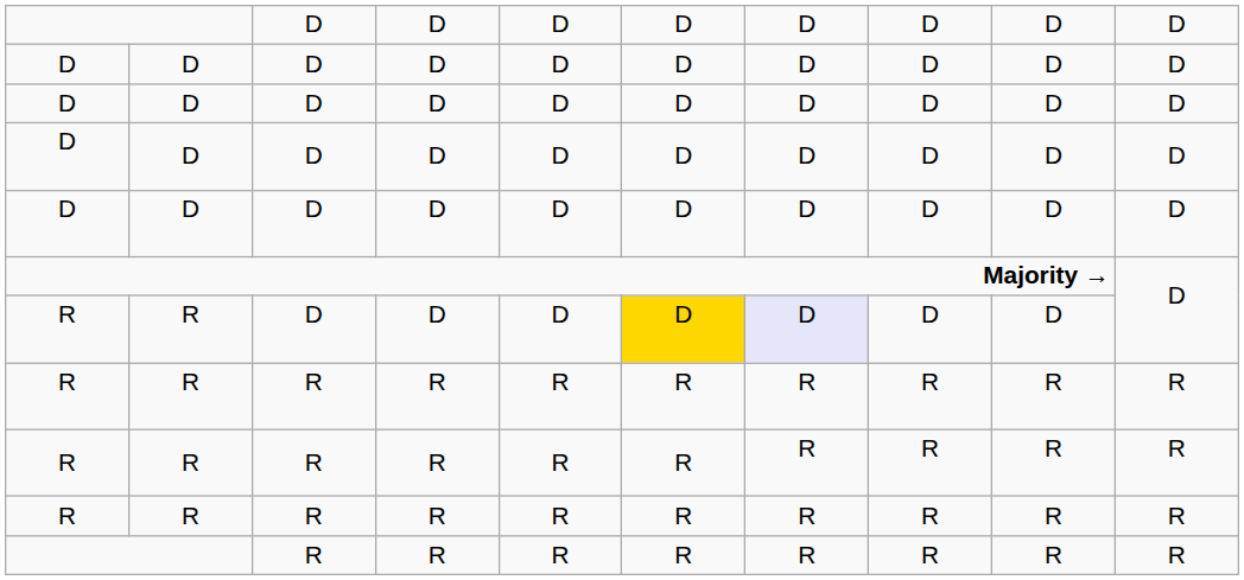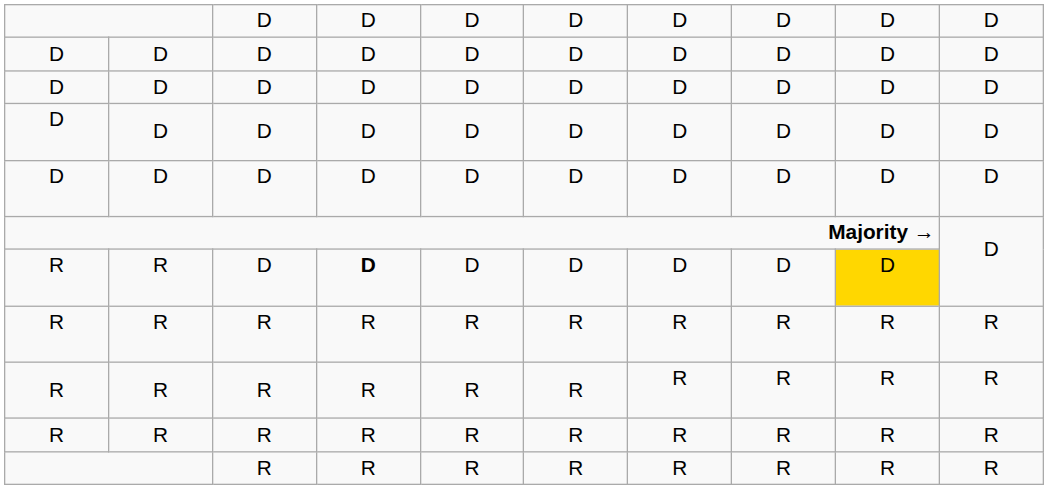 <table class="wikitable"  style="text-align:center; width:800px">
 <tr>
 <td colspan=2> </td>
 <td>D</td>
 <td>D</td>
 <td>D</td>
 <td>D</td>
 <td>D</td>
 <td>D</td>
 <td>D</td>
 <td>D</td>
 </tr>
 <tr>
 <td width=50px >D</td>
 <td width=50px >D</td>
 <td width=50px >D</td>
 <td width=50px >D</td>
 <td width=50px >D</td>
 <td width=50px >D</td>
 <td width=50px >D</td>
 <td width=50px >D</td>
 <td width=50px >D</td>
 <td width=50px >D</td>
 </tr>
 <tr>
 <td>D</td>
 <td>D</td>
 <td>D</td>
 <td>D</td>
 <td>D</td>
 <td>D</td>
 <td>D</td>
 <td>D</td>
 <td>D</td>
 <td>D</td>
 </tr>
 <tr>
 <td>D<br><br></td>
 <td>D</td>
 <td>D</td>
 <td>D</td>
 <td>D</td>
 <td>D</td>
 <td>D</td>
 <td>D</td>
 <td>D</td>
 <td>D</td>
 </tr>
 <tr>
 <td>D<br><br></td>
 <td>D<br><br></td>
 <td>D<br><br></td>
 <td>D<br><br></td>
 <td>D<br><br></td>
 <td>D<br><br></td>
 <td>D<br><br></td>
 <td>D<br><br></td>
 <td>D<br><br></td>
 <td>D<br><br></td>
 </tr>
 <tr>
 <td colspan=9 style="text-align:right"><strong>Majority →</strong></td>
 <td rowspan=2 >D<br><br></td>
 </tr>
 <tr>
 <td>R<br><br></td>
 <td>R<br><br></td>
 <td>D<br><br></td>
+<td><strong>D<br><br></strong></td>
+<td>D<br><br></td>
+<td>D<br><br></td>
 <td>D<br><br></td>
 <td>D<br><br></td>
 <td style="background: gold;">D<br><br></td>
-<td style="background: lavender;">D<br><br></td>
-<td>D<br><br></td>
-<td>D<br><br></td>
 </tr>
 <tr>
 <td>R<br><br></td>
 <td>R<br><br></td>
 <td>R<br><br></td>
 <td>R<br><br></td>
 <td>R<br><br></td>
 <td>R<br><br></td>
 <td>R<br><br></td>
 <td>R<br><br></td>
 <td>R<br><br></td>
 <td>R<br><br></td>
 </tr>
 <tr>
 <td>R</td>
 <td>R</td>
 <td>R</td>
 <td>R</td>
 <td>R</td>
 <td>R</td>
 <td>R<br><br></td>
 <td>R<br><br></td>
 <td>R<br><br></td>
 <td>R<br><br></td>
 </tr>
 <tr>
 <td>R</td>
 <td>R</td>
 <td>R</td>
 <td>R</td>
 <td>R</td>
 <td>R</td>
 <td>R</td>
 <td>R</td>
 <td>R</td>
 <td>R</td>
 </tr>
 <tr>
 <td colspan=2></td>
 <td>R</td>
 <td>R</td>
 <td>R</td>
 <td>R</td>
 <td>R</td>
 <td>R</td>
 <td>R</td>
 <td>R</td>
 </tr>
 </table>
